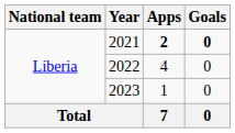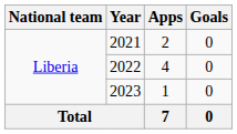 <table class=wikitable style=text-align:center>
 <tr>
 <th>National team</th>
 <th>Year</th>
 <th>Apps</th>
 <th>Goals</th>
 </tr>
 <tr>
 <td rowspan="3"><a href='#'>Liberia</a></td>
 <td>2021</td>
-<td><strong>2</strong></td>
-<td><strong>0</strong></td>
+<td>2</td>
+<td>0</td>
 </tr>
 <tr>
 <td>2022</td>
 <td>4</td>
 <td>0</td>
 </tr>
 <tr>
 <td>2023</td>
 <td>1</td>
 <td>0</td>
 </tr>
 <tr>
 <th colspan="2">Total</th>
 <th>7</th>
 <th>0</th>
 </tr>
 </table>
